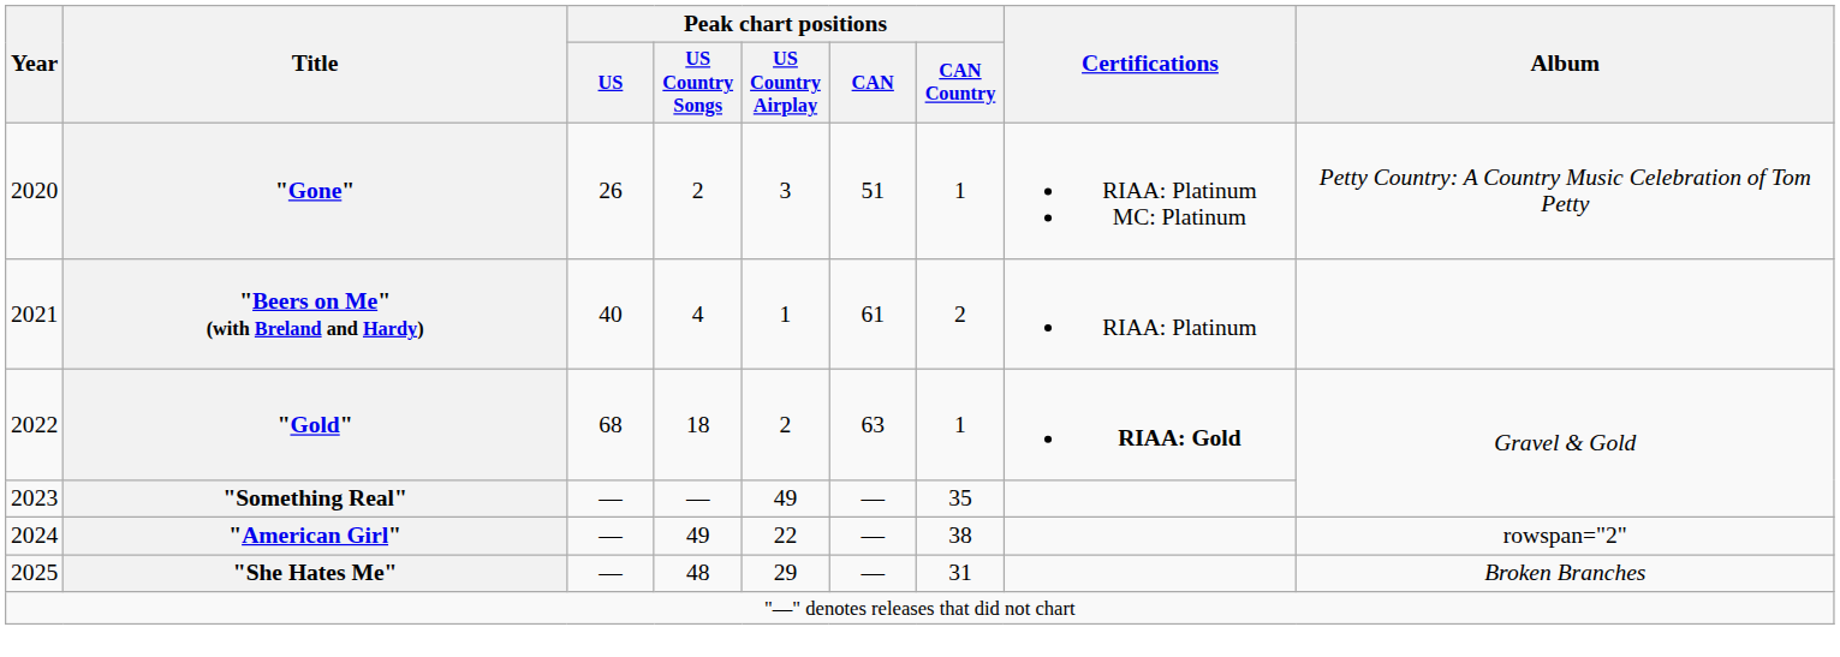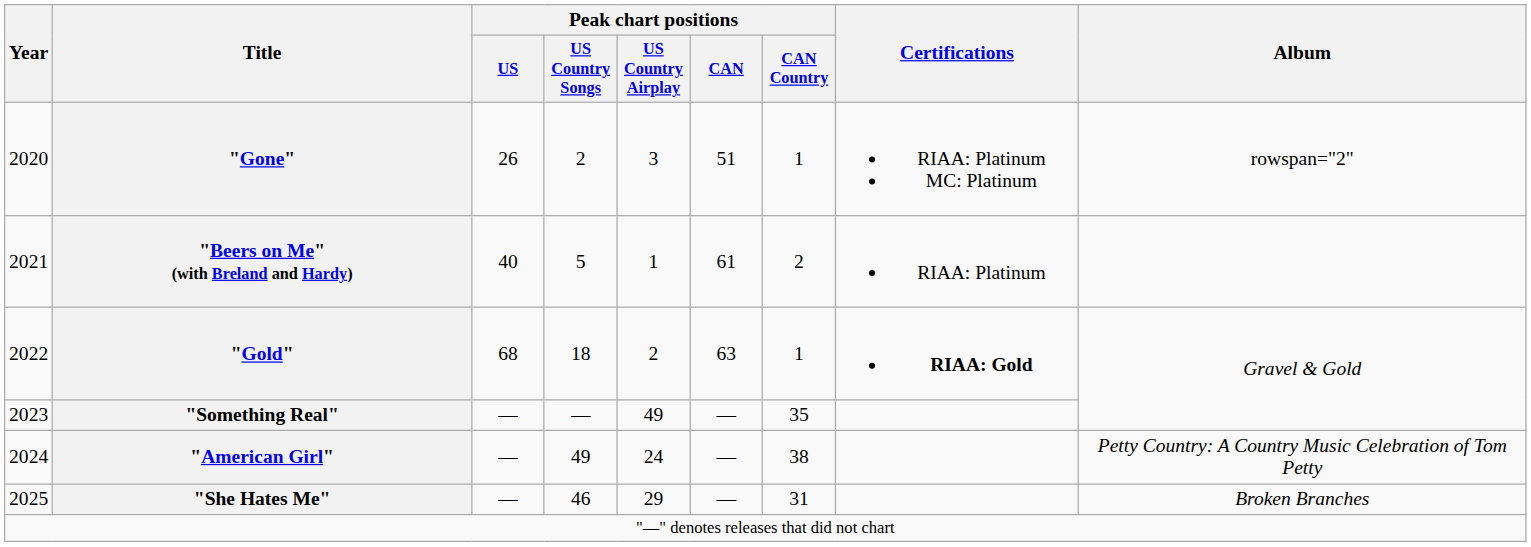 <table class="wikitable plainrowheaders" style="text-align:center;">
 <tr>
 <th scope="col" rowspan="2">Year</th>
 <th scope="col" rowspan="2" style="width:21em;">Title</th>
 <th scope="col" colspan="5">Peak chart positions</th>
 <th scope="col" rowspan="2" style="width:12em;"><a href='#'>Certifications</a><br></th>
 <th scope="col" rowspan="2">Album</th>
 </tr>
 <tr style=font-size:smaller;>
 <th scope="col" style="width:4em;"><a href='#'>US</a><br></th>
 <th scope="col" style="width:4em;"><a href='#'>US Country Songs</a><br></th>
 <th scope="col" style="width:4em;"><a href='#'>US Country Airplay</a><br></th>
 <th scope="col" style="width:4em;"><a href='#'>CAN</a><br></th>
 <th scope="col" style="width:4em;"><a href='#'>CAN Country</a><br></th>
 </tr>
 <tr>
 <td>2020</td>
 <th scope="row">"<a href='#'>Gone</a>"</th>
 <td>26</td>
 <td>2</td>
 <td>3</td>
 <td>51</td>
 <td>1</td>
 <td><br><ul><li>RIAA: Platinum</li><li>MC: Platinum</li></ul></td>
-<td><em>Petty Country: A Country Music Celebration of Tom Petty</em></td>
+<td>rowspan="2" </td>
 </tr>
 <tr>
 <td>2021</td>
 <th scope="row">"<a href='#'>Beers on Me</a>"<br> <small>(with <a href='#'>Breland</a> and <a href='#'>Hardy</a>)</small></th>
 <td>40</td>
-<td>4</td>
+<td>5</td>
 <td>1</td>
 <td>61</td>
 <td>2</td>
 <td><br><ul><li>RIAA: Platinum</li></ul></td>
 </tr>
 <tr>
 <td>2022</td>
 <th scope="row">"<a href='#'>Gold</a>"</th>
 <td>68</td>
 <td>18</td>
 <td>2</td>
 <td>63</td>
 <td>1</td>
 <td><strong><br><ul><li>RIAA: Gold</li></ul></strong></td>
 <td rowspan="2"><em>Gravel & Gold</em></td>
 </tr>
 <tr>
 <td>2023</td>
 <th scope="row">"Something Real"</th>
 <td>—</td>
 <td>—</td>
 <td>49</td>
 <td>—</td>
 <td>35</td>
 <td></td>
 </tr>
 <tr>
 <td>2024</td>
 <th scope="row">"<a href='#'>American Girl</a>"</th>
 <td>—</td>
 <td>49</td>
-<td>22</td>
+<td>24</td>
 <td>—</td>
 <td>38</td>
 <td></td>
-<td>rowspan="2" </td>
+<td><em>Petty Country: A Country Music Celebration of Tom Petty</em></td>
 </tr>
 <tr>
 <td>2025</td>
 <th scope="row">"She Hates Me"</th>
 <td>—</td>
-<td>48</td>
+<td>46</td>
 <td>29</td>
 <td>—</td>
 <td>31</td>
 <td></td>
 <td><em>Broken Branches</em></td>
 </tr>
 <tr>
 <td colspan="10" style="font-size:85%">"—" denotes releases that did not chart</td>
 </tr>
 </table>
